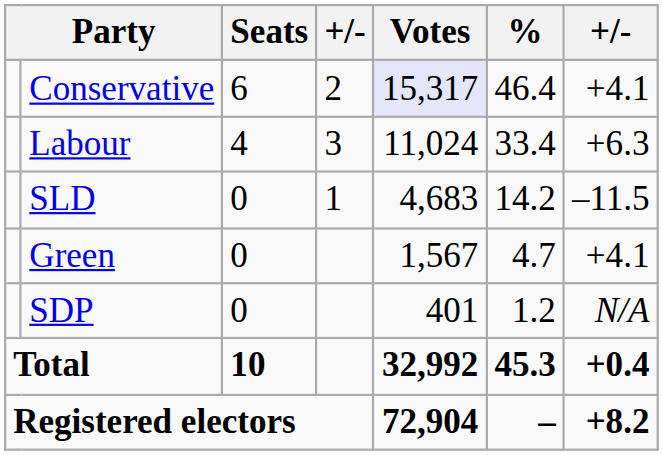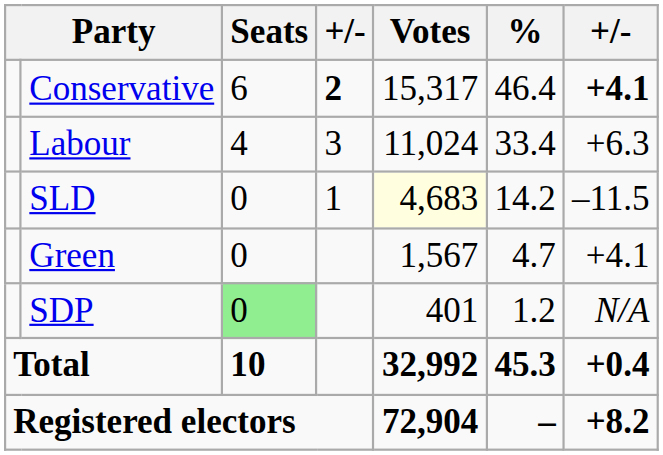 <table class="wikitable sortable">
 <tr>
 <th colspan="2">Party</th>
 <th>Seats</th>
 <th>+/-</th>
 <th>Votes</th>
 <th>%</th>
 <th>+/-</th>
 </tr>
 <tr>
 <td style="background-color: "></td>
 <td><a href='#'>Conservative</a></td>
 <td>6</td>
-<td> 2</td>
-<td style="background: lavender; text-align:right;">15,317</td>
+<td><strong> 2</strong></td>
+<td style="text-align:right;">15,317</td>
 <td style="text-align:right;">46.4</td>
-<td style="text-align:right;">+4.1</td>
+<td style="text-align:right;"><strong>+4.1</strong></td>
 </tr>
 <tr>
 <td style="background-color: "></td>
 <td><a href='#'>Labour</a></td>
 <td>4</td>
 <td> 3</td>
 <td style="text-align:right;">11,024</td>
 <td style="text-align:right;">33.4</td>
 <td style="text-align:right;">+6.3</td>
 </tr>
 <tr>
 <td style="background-color: "></td>
 <td><a href='#'>SLD</a></td>
 <td>0</td>
 <td> 1</td>
-<td style="text-align:right;">4,683</td>
+<td style="background: lightyellow; text-align:right;">4,683</td>
 <td style="text-align:right;">14.2</td>
 <td style="text-align:right;">–11.5</td>
 </tr>
 <tr>
 <td style="background-color: "></td>
 <td><a href='#'>Green</a></td>
 <td>0</td>
 <td></td>
 <td style="text-align:right;">1,567</td>
 <td style="text-align:right;">4.7</td>
 <td style="text-align:right;">+4.1</td>
 </tr>
 <tr>
 <td style="background-color: "></td>
 <td><a href='#'>SDP</a></td>
-<td>0</td>
+<td style="background: lightgreen;">0</td>
 <td></td>
 <td style="text-align:right;">401</td>
 <td style="text-align:right;">1.2</td>
 <td style="text-align:right;"><em>N/A</em></td>
 </tr>
 <tr>
 <td colspan="2"><strong>Total</strong></td>
 <td><strong>10</strong></td>
 <td></td>
 <td style="text-align:right;"><strong>32,992</strong></td>
 <td style="text-align:right;"><strong>45.3</strong></td>
 <td style="text-align:right;"><strong>+0.4</strong></td>
 </tr>
 <tr>
 <td colspan="4"><strong>Registered electors</strong></td>
 <td style="text-align:right;"><strong>72,904</strong></td>
 <td style="text-align:right;"><strong>–</strong></td>
 <td style="text-align:right;"><strong>+8.2</strong></td>
 </tr>
 </table>
